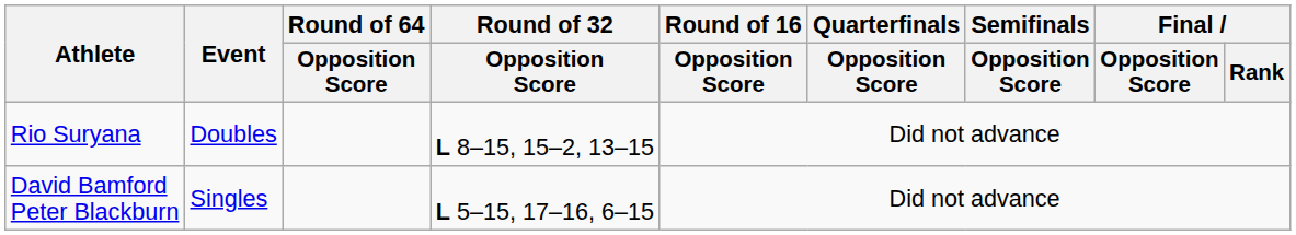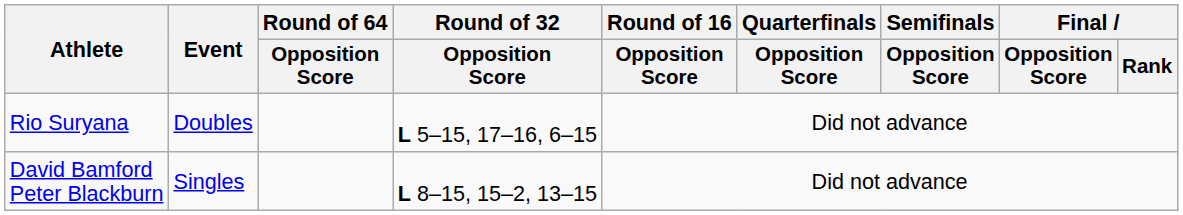 <table class=wikitable style="font-size:90%">
 <tr>
 <th rowspan="2">Athlete</th>
 <th rowspan="2">Event</th>
 <th>Round of 64</th>
 <th>Round of 32</th>
 <th>Round of 16</th>
 <th>Quarterfinals</th>
 <th>Semifinals</th>
 <th colspan=2>Final / </th>
 </tr>
 <tr style="font-size:95%">
 <th>Opposition<br>Score</th>
 <th>Opposition<br>Score</th>
 <th>Opposition<br>Score</th>
 <th>Opposition<br>Score</th>
 <th>Opposition<br>Score</th>
 <th>Opposition<br>Score</th>
 <th>Rank</th>
 </tr>
 <tr align=center>
 <td align=left><a href='#'>Rio Suryana</a></td>
 <td align=left><a href='#'>Doubles</a></td>
 <td></td>
-<td> <br> <strong>L</strong> 8–15, 15–2, 13–15</td>
+<td> <br> <strong>L</strong> 5–15, 17–16, 6–15</td>
 <td colspan=5>Did not advance</td>
 </tr>
 <tr align=center>
 <td align=left><a href='#'>David Bamford</a><br><a href='#'>Peter Blackburn</a></td>
 <td align=left><a href='#'>Singles</a></td>
 <td></td>
-<td> <br> <strong>L</strong> 5–15, 17–16, 6–15</td>
+<td> <br> <strong>L</strong> 8–15, 15–2, 13–15</td>
 <td colspan=5>Did not advance</td>
 </tr>
 </table>
